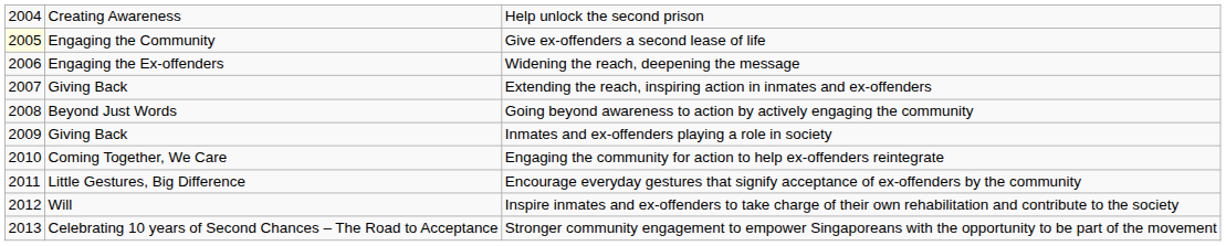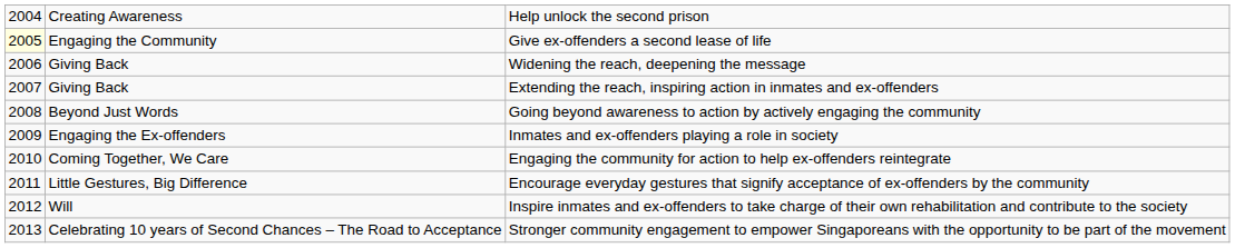 <table class="wikitable">
 <tr>
 <td>2004</td>
 <td>Creating Awareness</td>
 <td>Help unlock the second prison</td>
 </tr>
 <tr>
 <td style="background: lightyellow;">2005</td>
 <td>Engaging the Community</td>
 <td>Give ex-offenders a second lease of life</td>
 </tr>
 <tr>
 <td>2006</td>
-<td>Engaging the Ex-offenders</td>
+<td>Giving Back</td>
 <td>Widening the reach, deepening the message</td>
 </tr>
 <tr>
 <td>2007</td>
 <td>Giving Back</td>
 <td>Extending the reach, inspiring action in inmates and ex-offenders</td>
 </tr>
 <tr>
 <td>2008</td>
 <td>Beyond Just Words</td>
 <td>Going beyond awareness to action by actively engaging the community</td>
 </tr>
 <tr>
 <td>2009</td>
-<td>Giving Back</td>
+<td>Engaging the Ex-offenders</td>
 <td>Inmates and ex-offenders playing a role in society</td>
 </tr>
 <tr>
 <td>2010</td>
 <td>Coming Together, We Care</td>
 <td>Engaging the community for action to help ex-offenders reintegrate</td>
 </tr>
 <tr>
 <td>2011</td>
 <td>Little Gestures, Big Difference</td>
 <td>Encourage everyday gestures that signify acceptance of ex-offenders by the community</td>
 </tr>
 <tr>
 <td>2012</td>
 <td>Will</td>
 <td>Inspire inmates and ex-offenders to take charge of their own rehabilitation and contribute to the society</td>
 </tr>
 <tr>
 <td>2013</td>
 <td>Celebrating 10 years of Second Chances – The Road to Acceptance</td>
 <td>Stronger community engagement to empower Singaporeans with the opportunity to be part of the movement</td>
 </tr>
 </table>
